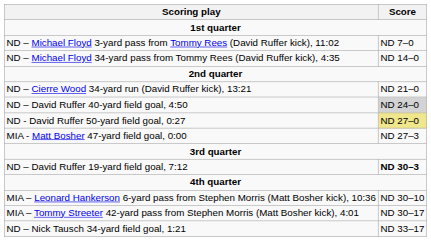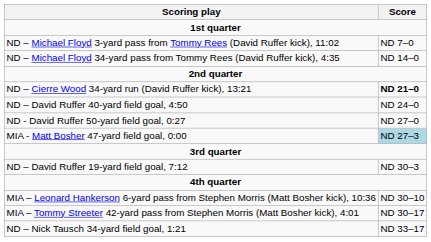 <table class="wikitable">
 <tr>
 <th>Scoring play</th>
 <th>Score</th>
 </tr>
 <tr>
 <td colspan="4" align="center"><strong>1st quarter</strong></td>
 </tr>
 <tr>
 <td>ND – <a href='#'>Michael Floyd</a> 3-yard pass from <a href='#'>Tommy Rees</a> (David Ruffer kick), 11:02</td>
 <td>ND 7–0</td>
 </tr>
 <tr>
 <td>ND – <a href='#'>Michael Floyd</a> 34-yard pass from Tommy Rees (David Ruffer kick), 4:35</td>
 <td>ND 14–0</td>
 </tr>
 <tr>
 <td colspan="4" align="center"><strong>2nd quarter</strong></td>
 </tr>
 <tr>
 <td>ND – <a href='#'>Cierre Wood</a> 34-yard run (David Ruffer kick), 13:21</td>
-<td>ND 21–0</td>
+<td><strong>ND 21–0</strong></td>
 </tr>
 <tr>
 <td>ND – David Ruffer 40-yard field goal, 4:50</td>
-<td style="background: lightgrey;">ND 24–0</td>
+<td>ND 24–0</td>
 </tr>
 <tr>
 <td>ND - David Ruffer 50-yard field goal, 0:27</td>
-<td style="background: khaki;">ND 27–0</td>
+<td>ND 27–0</td>
 </tr>
 <tr>
 <td>MIA - <a href='#'>Matt Bosher</a> 47-yard field goal, 0:00</td>
-<td>ND 27–3</td>
+<td style="background: lightblue;">ND 27–3</td>
 </tr>
 <tr>
 <td colspan="4" align="center"><strong>3rd quarter</strong></td>
 </tr>
 <tr>
 <td>ND – David Ruffer 19-yard field goal, 7:12</td>
-<td><strong>ND 30–3</strong></td>
+<td>ND 30–3</td>
 </tr>
 <tr>
 <td colspan="4" align="center"><strong>4th quarter</strong></td>
 </tr>
 <tr>
 <td>MIA – <a href='#'>Leonard Hankerson</a> 6-yard pass from Stephen Morris (Matt Bosher kick), 10:36</td>
 <td>ND 30–10</td>
 </tr>
 <tr>
 <td>MIA – <a href='#'>Tommy Streeter</a> 42-yard pass from Stephen Morris (Matt Bosher kick), 4:01</td>
 <td>ND 30–17</td>
 </tr>
 <tr>
 <td>ND – Nick Tausch 34-yard field goal, 1:21</td>
 <td>ND 33–17</td>
 </tr>
 </table>
